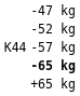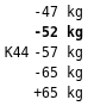 <table>
 <tr>
 <td rowspan="8">K44</td>
 <td rowspan="2">-47 kg</td>
 <td rowspan="2"></td>
 <td rowspan="2"></td>
 <td></td>
 </tr>
 <tr>
 <td></td>
 </tr>
 <tr>
-<td>-52 kg</td>
+<td><strong>-52 kg</strong></td>
 <td></td>
 <td></td>
 <td></td>
 </tr>
 <tr>
 <td rowspan="2">-57 kg</td>
 <td rowspan="2"></td>
 <td rowspan="2"></td>
 <td></td>
 </tr>
 <tr>
 <td></td>
 </tr>
 <tr>
-<td><strong>-65 kg</strong></td>
+<td>-65 kg</td>
 <td></td>
 <td></td>
 <td></td>
 </tr>
 <tr>
 <td rowspan="2">+65 kg</td>
 <td rowspan="2"></td>
 <td rowspan="2"></td>
 <td></td>
 </tr>
 <tr>
 <td></td>
 </tr>
 </table>
